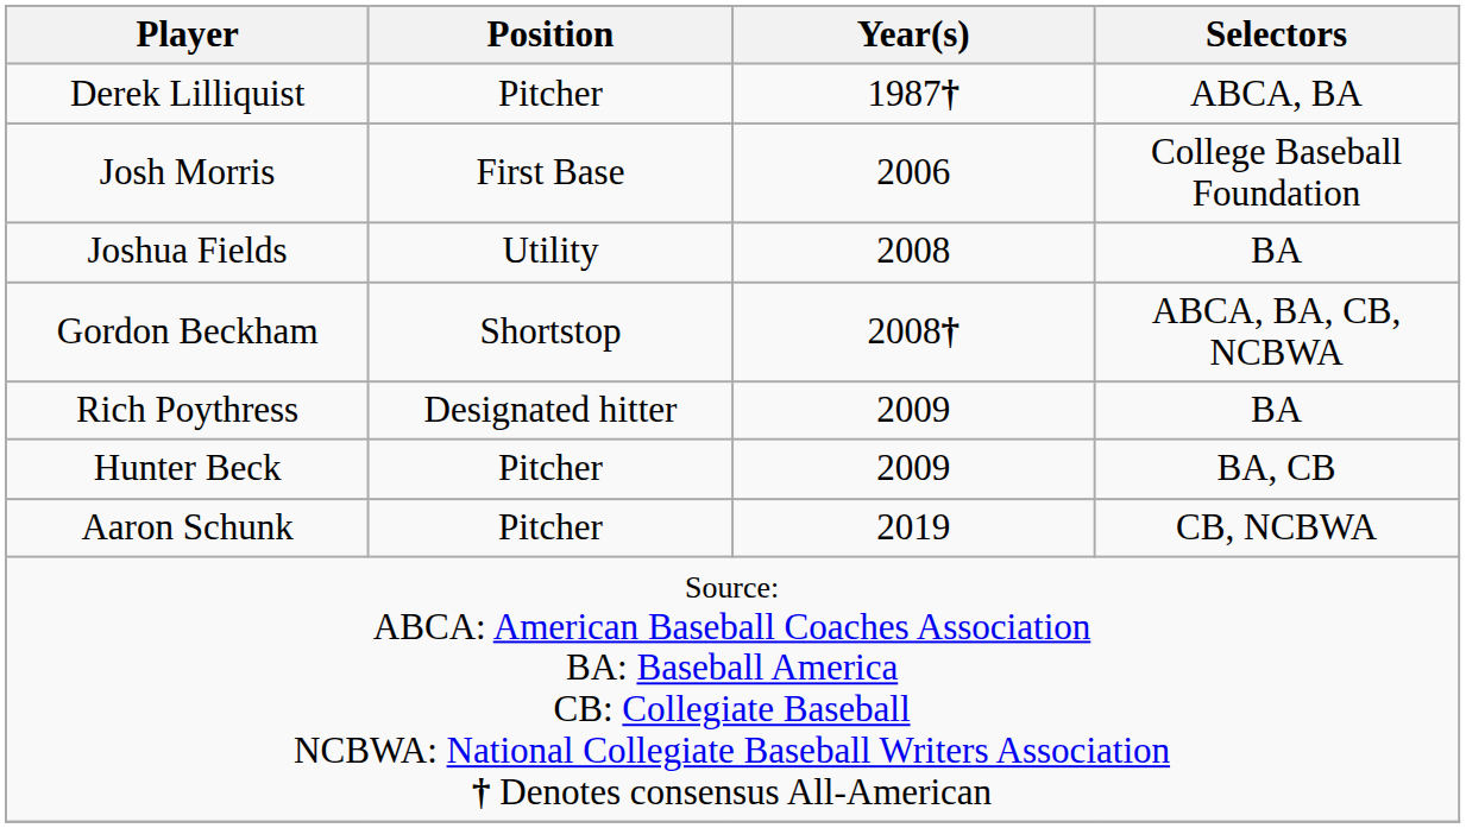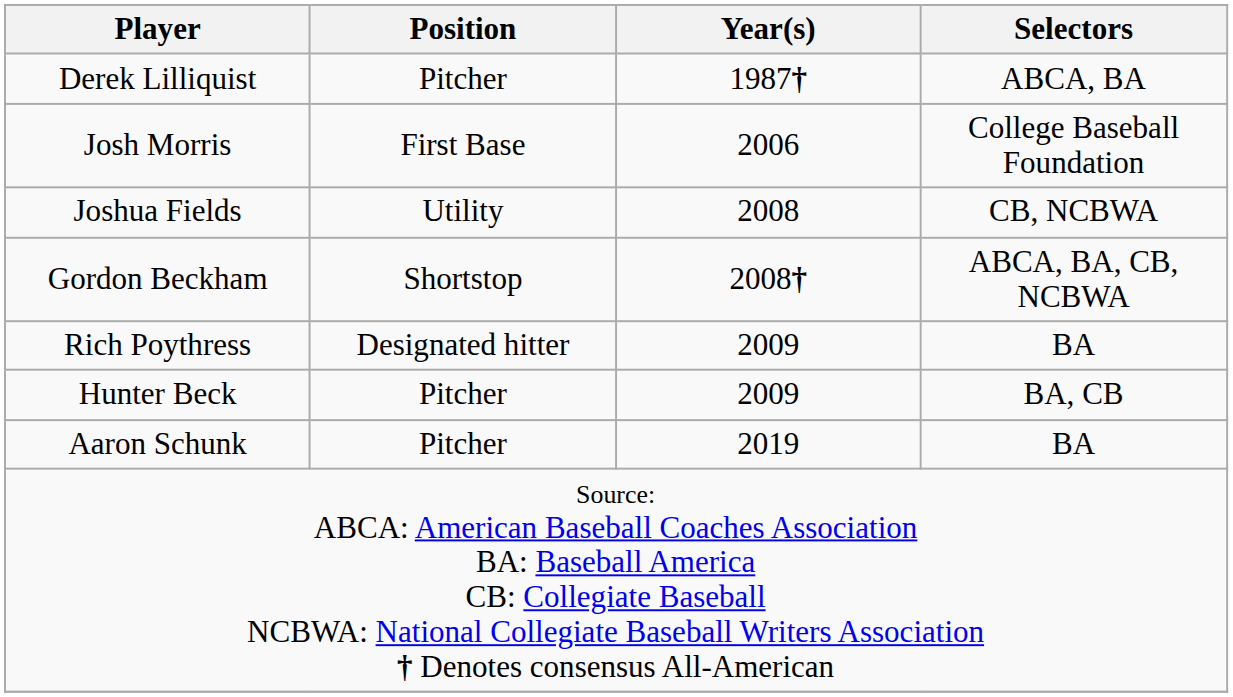 <table class="wikitable"; style= "text-align:center">
 <tr>
 <th width=150px>Player</th>
 <th width=150px>Position</th>
 <th width=150px>Year(s)</th>
 <th width=150px>Selectors</th>
 </tr>
 <tr>
 <td>Derek Lilliquist</td>
 <td>Pitcher</td>
 <td>1987<strong>†</strong></td>
 <td>ABCA, BA</td>
 </tr>
 <tr>
 <td>Josh Morris</td>
 <td>First Base</td>
 <td>2006</td>
 <td>College Baseball Foundation</td>
 </tr>
 <tr>
 <td>Joshua Fields</td>
 <td>Utility</td>
 <td>2008</td>
-<td>BA</td>
+<td>CB, NCBWA</td>
 </tr>
 <tr>
 <td>Gordon Beckham</td>
 <td>Shortstop</td>
 <td>2008<strong>†</strong></td>
 <td>ABCA, BA, CB, NCBWA</td>
 </tr>
 <tr>
 <td>Rich Poythress</td>
 <td>Designated hitter</td>
 <td>2009</td>
 <td>BA</td>
 </tr>
 <tr>
 <td>Hunter Beck</td>
 <td>Pitcher</td>
 <td>2009</td>
 <td>BA, CB</td>
 </tr>
 <tr>
 <td>Aaron Schunk</td>
 <td>Pitcher</td>
 <td>2019</td>
-<td>CB, NCBWA</td>
+<td>BA</td>
 </tr>
 <tr>
 <td colspan=4><small>Source:</small><br>ABCA: <a href='#'>American Baseball Coaches Association</a><br>BA: <a href='#'>Baseball America</a><br>CB: <a href='#'>Collegiate Baseball</a><br>NCBWA: <a href='#'>National Collegiate Baseball Writers Association</a><br><strong>†</strong> Denotes consensus All-American</td>
 </tr>
 <tr>
 </tr>
 </table>
